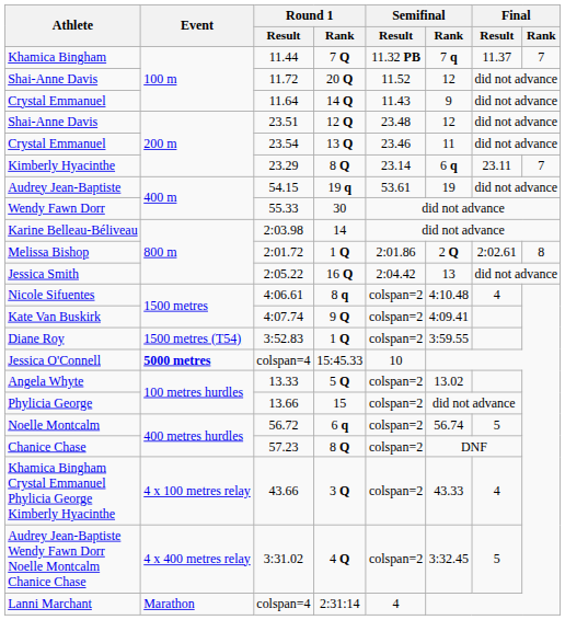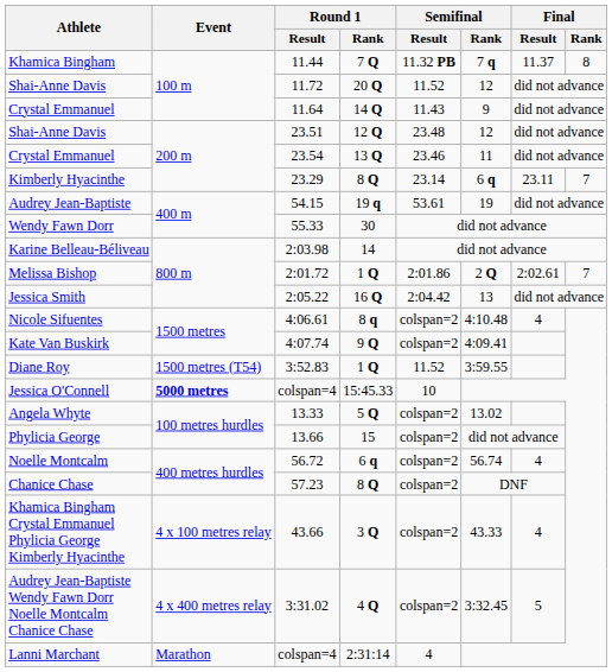 <table class=wikitable style="font-size:90%">
 <tr>
 <th rowspan="2">Athlete</th>
 <th rowspan="2">Event</th>
 <th colspan="2">Round 1</th>
 <th colspan="2">Semifinal</th>
 <th colspan="2">Final</th>
 </tr>
 <tr style="font-size:95%">
 <th>Result</th>
 <th>Rank</th>
 <th>Result</th>
 <th>Rank</th>
 <th>Result</th>
 <th>Rank</th>
 </tr>
 <tr align=center>
 <td align=left><a href='#'>Khamica Bingham</a></td>
 <td align=left rowspan="3"><a href='#'>100 m</a></td>
 <td>11.44</td>
 <td>7 <strong>Q</strong></td>
 <td>11.32 <strong>PB</strong></td>
 <td>7 <strong>q</strong></td>
 <td>11.37</td>
-<td>7</td>
+<td>8</td>
 </tr>
 <tr align=center>
 <td align=left><a href='#'>Shai-Anne Davis</a></td>
 <td>11.72</td>
 <td>20 <strong>Q</strong></td>
 <td>11.52</td>
 <td>12</td>
 <td colspan="2">did not advance</td>
 </tr>
 <tr align=center>
 <td align=left><a href='#'>Crystal Emmanuel</a></td>
 <td>11.64</td>
 <td>14 <strong>Q</strong></td>
 <td>11.43</td>
 <td>9</td>
 <td colspan="2">did not advance</td>
 </tr>
 <tr align=center>
 <td align=left><a href='#'>Shai-Anne Davis</a></td>
 <td align=left rowspan="3"><a href='#'>200 m</a></td>
 <td>23.51</td>
 <td>12 <strong>Q</strong></td>
 <td>23.48</td>
 <td>12</td>
 <td colspan="2">did not advance</td>
 </tr>
 <tr align=center>
 <td align=left><a href='#'>Crystal Emmanuel</a></td>
 <td>23.54</td>
 <td>13 <strong>Q</strong></td>
 <td>23.46</td>
 <td>11</td>
 <td colspan="2">did not advance</td>
 </tr>
 <tr align=center>
 <td align=left><a href='#'>Kimberly Hyacinthe</a></td>
 <td>23.29</td>
 <td>8 <strong>Q</strong></td>
 <td>23.14</td>
 <td>6 <strong>q</strong></td>
 <td>23.11</td>
 <td>7</td>
 </tr>
 <tr align=center>
 <td align=left><a href='#'>Audrey Jean-Baptiste</a></td>
 <td align=left rowspan="2"><a href='#'>400 m</a></td>
 <td>54.15</td>
 <td>19 <strong>q</strong></td>
 <td>53.61</td>
 <td>19</td>
 <td colspan="2">did not advance</td>
 </tr>
 <tr align=center>
 <td align=left><a href='#'>Wendy Fawn Dorr</a></td>
 <td>55.33</td>
 <td>30</td>
 <td colspan="4">did not advance</td>
 </tr>
 <tr align=center>
 <td align=left><a href='#'>Karine Belleau-Béliveau</a></td>
 <td align=left rowspan="3"><a href='#'>800 m</a></td>
 <td>2:03.98</td>
 <td>14</td>
 <td colspan="4">did not advance</td>
 </tr>
 <tr align=center>
 <td align=left><a href='#'>Melissa Bishop</a></td>
 <td>2:01.72</td>
 <td>1 <strong>Q</strong></td>
 <td>2:01.86</td>
 <td>2 <strong>Q</strong></td>
 <td>2:02.61</td>
-<td>8</td>
+<td>7</td>
 </tr>
 <tr align=center>
 <td align=left><a href='#'>Jessica Smith</a></td>
 <td>2:05.22</td>
 <td>16 <strong>Q</strong></td>
 <td>2:04.42</td>
 <td>13</td>
 <td colspan="2">did not advance</td>
 </tr>
 <tr align=center>
 <td align=left><a href='#'>Nicole Sifuentes</a></td>
 <td align=left rowspan="2"><a href='#'>1500 metres</a></td>
 <td>4:06.61</td>
 <td>8 <strong>q</strong></td>
 <td>colspan=2 </td>
 <td>4:10.48</td>
 <td>4</td>
 </tr>
 <tr align=center>
 <td align=left><a href='#'>Kate Van Buskirk</a></td>
 <td>4:07.74</td>
 <td>9 <strong>Q</strong></td>
 <td>colspan=2 </td>
 <td>4:09.41</td>
 <td></td>
 </tr>
 <tr align=center>
 <td align=left><a href='#'>Diane Roy</a></td>
 <td align=left><a href='#'>1500 metres (T54)</a></td>
 <td>3:52.83</td>
 <td>1 <strong>Q</strong></td>
-<td>colspan=2 </td>
+<td>11.52</td>
 <td>3:59.55</td>
 <td></td>
 </tr>
 <tr align=center>
 <td align=left><a href='#'>Jessica O'Connell</a></td>
 <td align=left><strong><a href='#'>5000 metres</a></strong></td>
 <td>colspan=4 </td>
 <td>15:45.33</td>
 <td>10</td>
 </tr>
 <tr align=center>
 <td align=left><a href='#'>Angela Whyte</a></td>
 <td align=left rowspan="2"><a href='#'>100 metres hurdles</a></td>
 <td>13.33</td>
 <td>5 <strong>Q</strong></td>
 <td>colspan=2 </td>
 <td>13.02</td>
 <td></td>
 </tr>
 <tr align=center>
 <td align=left><a href='#'>Phylicia George</a></td>
 <td>13.66</td>
 <td>15</td>
 <td>colspan=2 </td>
 <td colspan="2">did not advance</td>
 </tr>
 <tr align=center>
 <td align=left><a href='#'>Noelle Montcalm</a></td>
 <td align=left rowspan="2"><a href='#'>400 metres hurdles</a></td>
 <td>56.72</td>
 <td>6 <strong>q</strong></td>
 <td>colspan=2 </td>
 <td>56.74</td>
-<td>5</td>
+<td>4</td>
 </tr>
 <tr align=center>
 <td align=left><a href='#'>Chanice Chase</a></td>
 <td>57.23</td>
 <td>8 <strong>Q</strong></td>
 <td>colspan=2 </td>
 <td colspan="2">DNF</td>
 </tr>
 <tr align=center>
 <td align=left><a href='#'>Khamica Bingham</a><br><a href='#'>Crystal Emmanuel</a><br><a href='#'>Phylicia George</a><br><a href='#'>Kimberly Hyacinthe</a></td>
 <td align=left><a href='#'>4 x 100 metres relay</a></td>
 <td>43.66</td>
 <td>3 <strong>Q</strong></td>
 <td>colspan=2 </td>
 <td>43.33</td>
 <td>4</td>
 </tr>
 <tr align=center>
 <td align=left><a href='#'>Audrey Jean-Baptiste</a><br><a href='#'>Wendy Fawn Dorr</a><br><a href='#'>Noelle Montcalm</a> <br><a href='#'>Chanice Chase</a></td>
 <td align=left><a href='#'>4 x 400 metres relay</a></td>
 <td>3:31.02</td>
 <td>4 <strong>Q</strong></td>
 <td>colspan=2 </td>
 <td>3:32.45</td>
 <td>5</td>
 </tr>
 <tr align=center>
 <td align=left><a href='#'>Lanni Marchant</a></td>
 <td align=left><a href='#'>Marathon</a></td>
 <td>colspan=4 </td>
 <td>2:31:14</td>
 <td>4</td>
 </tr>
 </table>
